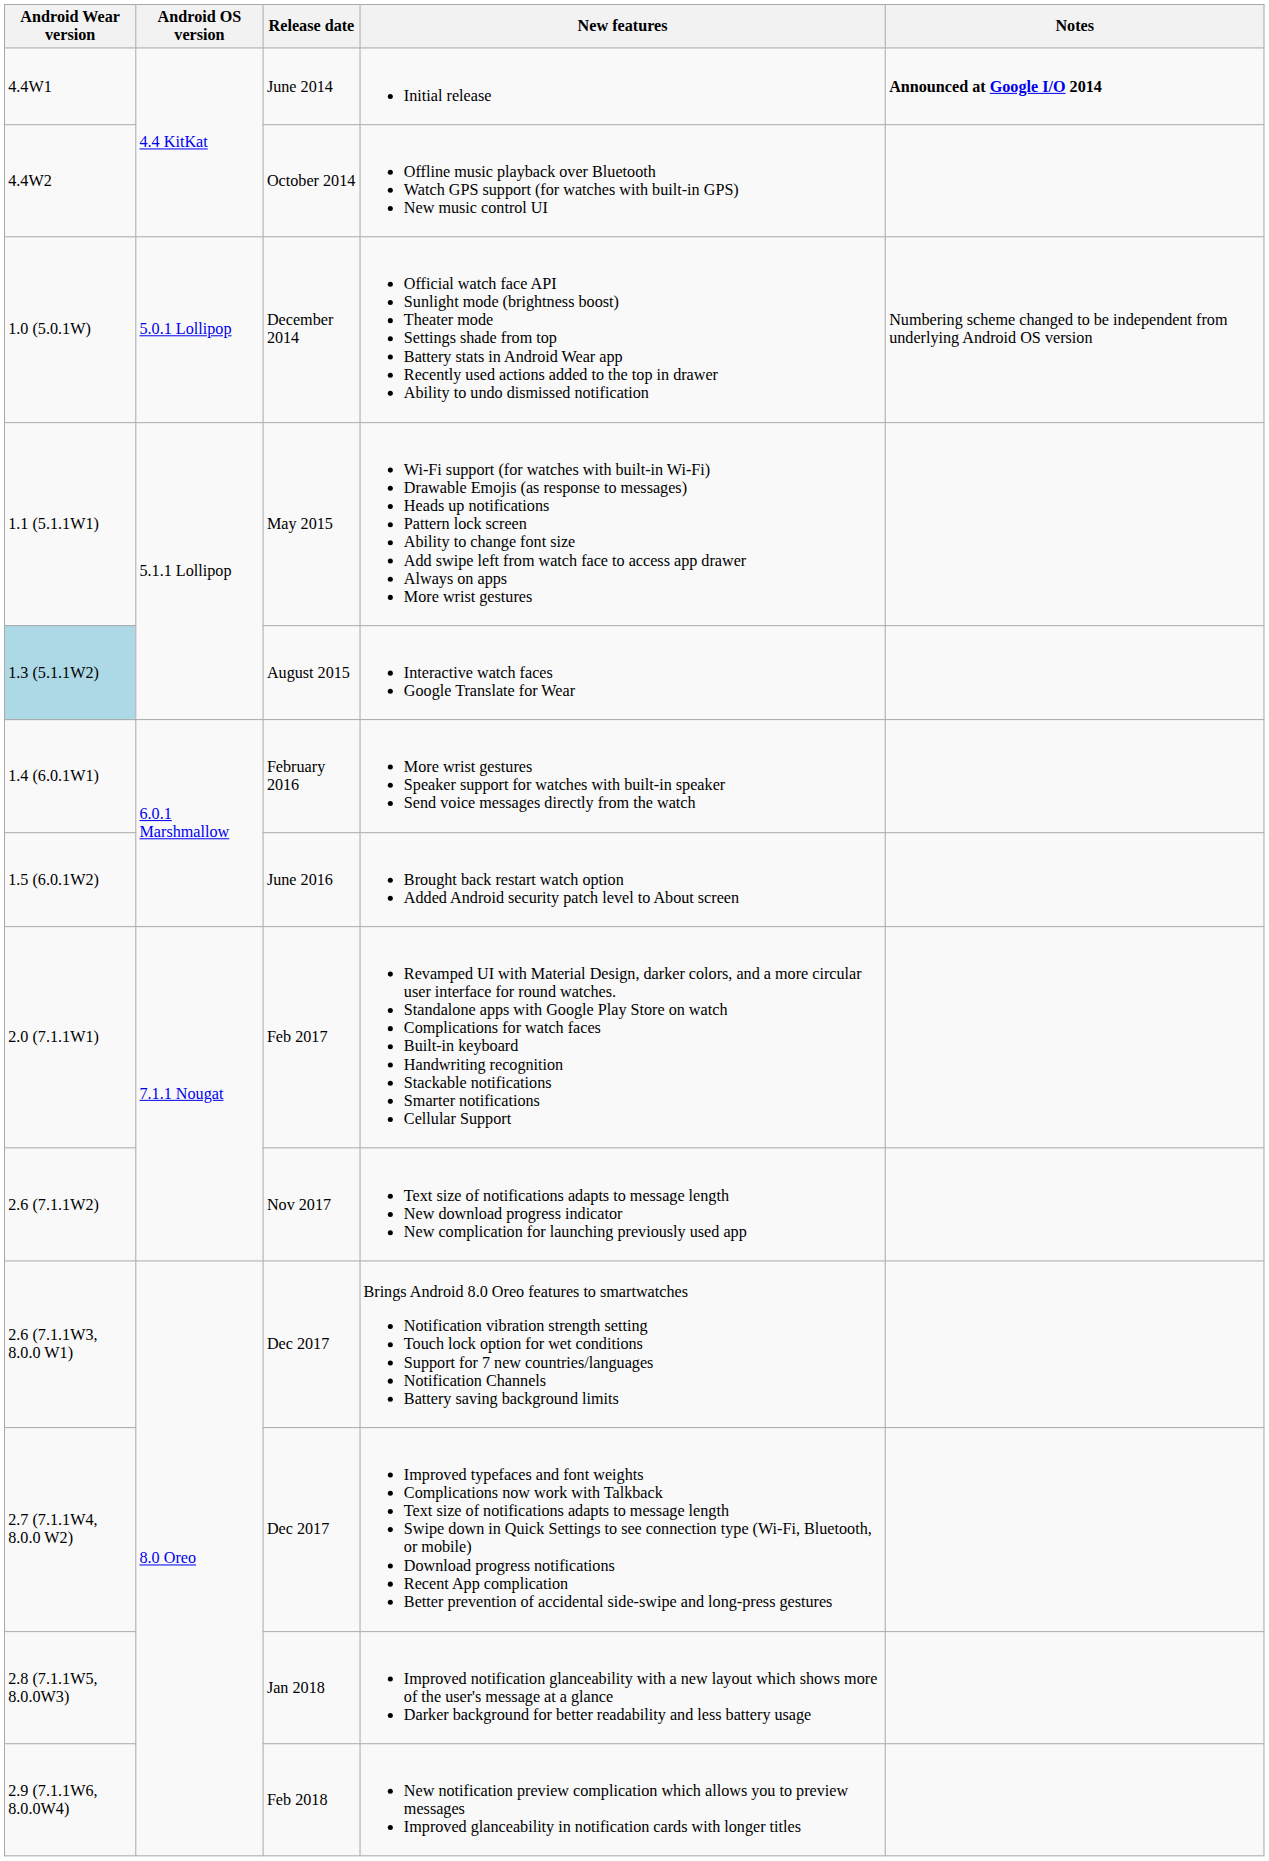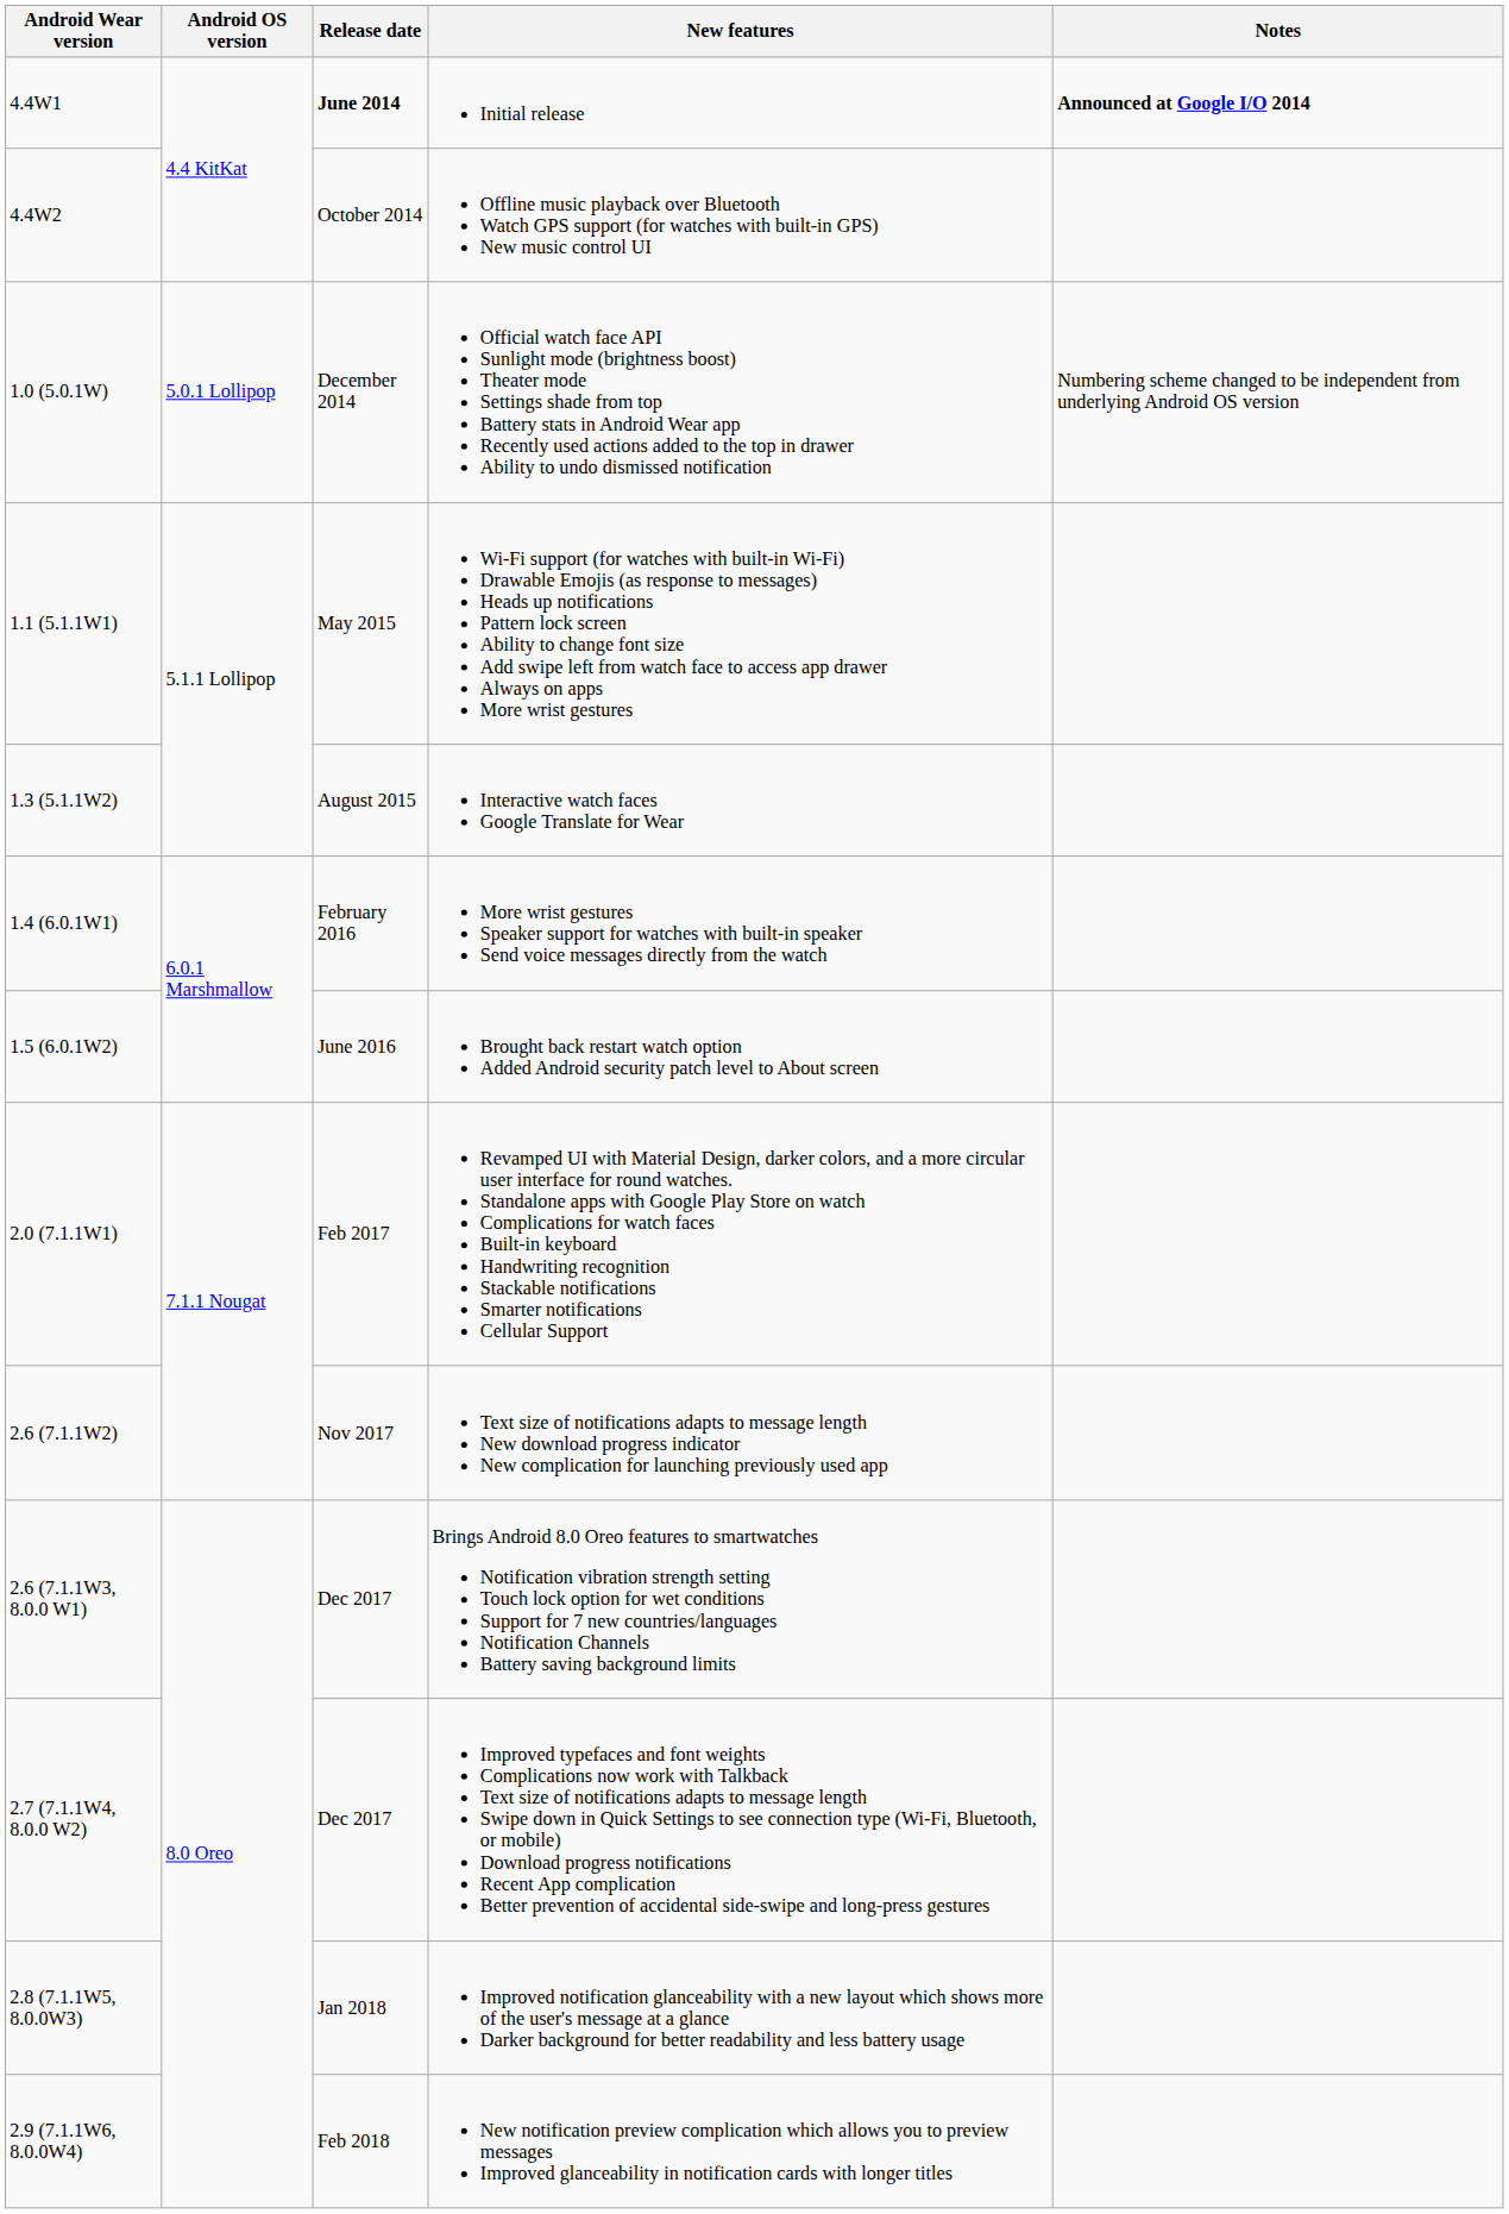 <table class="wikitable">
 <tr>
 <th>Android Wear version</th>
 <th>Android OS version</th>
 <th>Release date</th>
 <th>New features</th>
 <th>Notes</th>
 </tr>
 <tr>
 <td>4.4W1</td>
 <td rowspan=2><a href='#'>4.4 KitKat</a></td>
-<td>June 2014</td>
+<td><strong>June 2014</strong></td>
 <td><br><ul><li>Initial release</li></ul></td>
 <td><strong>Announced at <a href='#'>Google I/O</a> 2014</strong></td>
 </tr>
 <tr>
 <td>4.4W2</td>
 <td>October 2014</td>
 <td><br><ul><li>Offline music playback over Bluetooth</li><li>Watch GPS support (for watches with built-in GPS)</li><li>New music control UI</li></ul></td>
 <td></td>
 </tr>
 <tr>
 <td>1.0 (5.0.1W)</td>
 <td><a href='#'>5.0.1 Lollipop</a></td>
 <td>December 2014</td>
 <td><br><ul><li>Official watch face API</li><li>Sunlight mode (brightness boost)</li><li>Theater mode</li><li>Settings shade from top</li><li>Battery stats in Android Wear app</li><li>Recently used actions added to the top in drawer</li><li>Ability to undo dismissed notification</li></ul></td>
 <td>Numbering scheme changed to be independent from underlying Android OS version</td>
 </tr>
 <tr>
 <td>1.1 (5.1.1W1)</td>
 <td rowspan=2>5.1.1 Lollipop</td>
 <td>May 2015</td>
 <td><br><ul><li>Wi-Fi support (for watches with built-in Wi-Fi)</li><li>Drawable Emojis (as response to messages)</li><li>Heads up notifications</li><li>Pattern lock screen</li><li>Ability to change font size</li><li>Add swipe left from watch face to access app drawer</li><li>Always on apps</li><li>More wrist gestures</li></ul></td>
 <td></td>
 </tr>
 <tr>
-<td style="background: lightblue;">1.3 (5.1.1W2)</td>
+<td>1.3 (5.1.1W2)</td>
 <td>August 2015</td>
 <td><br><ul><li>Interactive watch faces</li><li>Google Translate for Wear</li></ul></td>
 <td></td>
 </tr>
 <tr>
 <td>1.4 (6.0.1W1)</td>
 <td rowspan=2><a href='#'>6.0.1 Marshmallow</a></td>
 <td>February 2016</td>
 <td><br><ul><li>More wrist gestures</li><li>Speaker support for watches with built-in speaker</li><li>Send voice messages directly from the watch</li></ul></td>
 <td></td>
 </tr>
 <tr>
 <td>1.5 (6.0.1W2)</td>
 <td>June 2016</td>
 <td><br><ul><li>Brought back restart watch option</li><li>Added Android security patch level to About screen</li></ul></td>
 <td></td>
 </tr>
 <tr>
 <td>2.0 (7.1.1W1)</td>
 <td rowspan=2><a href='#'>7.1.1 Nougat</a></td>
 <td>Feb 2017</td>
 <td><br><ul><li>Revamped UI with Material Design, darker colors, and a more circular user interface for round watches.</li><li>Standalone apps with Google Play Store on watch</li><li>Complications for watch faces</li><li>Built-in keyboard</li><li>Handwriting recognition</li><li>Stackable notifications</li><li>Smarter notifications</li><li>Cellular Support</li></ul></td>
 <td></td>
 </tr>
 <tr>
 <td>2.6 (7.1.1W2)</td>
 <td>Nov 2017</td>
 <td><br><ul><li>Text size of notifications adapts to message length</li><li>New download progress indicator</li><li>New complication for launching previously used app</li></ul></td>
 <td></td>
 </tr>
 <tr>
 <td>2.6 (7.1.1W3, 8.0.0 W1)</td>
 <td rowspan=4><a href='#'>8.0 Oreo</a></td>
 <td>Dec 2017</td>
 <td><br>Brings Android 8.0 Oreo features to smartwatches<ul><li>Notification vibration strength setting</li><li>Touch lock option for wet conditions</li><li>Support for 7 new countries/languages</li><li>Notification Channels</li><li>Battery saving background limits</li></ul></td>
 <td></td>
 </tr>
 <tr>
 <td>2.7 (7.1.1W4, 8.0.0 W2)</td>
 <td>Dec 2017</td>
 <td><br><ul><li>Improved typefaces and font weights</li><li>Complications now work with Talkback</li><li>Text size of notifications adapts to message length</li><li>Swipe down in Quick Settings to see connection type (Wi-Fi, Bluetooth, or mobile)</li><li>Download progress notifications</li><li>Recent App complication</li><li>Better prevention of accidental side-swipe and long-press gestures</li></ul></td>
 <td></td>
 </tr>
 <tr>
 <td>2.8 (7.1.1W5, 8.0.0W3)</td>
 <td>Jan 2018</td>
 <td><br><ul><li>Improved notification glanceability with a new layout which shows more of the user's message at a glance</li><li>Darker background for better readability and less battery usage</li></ul></td>
 <td></td>
 </tr>
 <tr>
 <td>2.9 (7.1.1W6, 8.0.0W4)</td>
 <td>Feb 2018</td>
 <td><br><ul><li>New notification preview complication which allows you to preview messages</li><li>Improved glanceability in notification cards with longer titles</li></ul></td>
 <td></td>
 </tr>
 </table>
